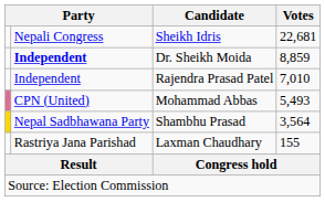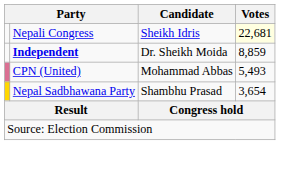 <table class="wikitable">
 <tr>
 <th colspan="2">Party</th>
 <th>Candidate</th>
 <th>Votes</th>
 </tr>
 <tr>
 <td style="background-color:"></td>
 <td><a href='#'>Nepali Congress</a></td>
 <td><a href='#'>Sheikh Idris</a></td>
-<td>22,681</td>
+<td style="background: lightyellow;">22,681</td>
 </tr>
 <tr>
 <td style="background-color:"></td>
 <td><strong><a href='#'>Independent</a></strong></td>
 <td>Dr. Sheikh Moida</td>
 <td>8,859</td>
-</tr>
-<tr>
-<td style="background-color:"></td>
-<td><a href='#'>Independent</a></td>
-<td>Rajendra Prasad Patel</td>
-<td>7,010</td>
 </tr>
 <tr>
 <td style="background-color:palevioletred"></td>
 <td><a href='#'>CPN (United)</a></td>
 <td>Mohammad Abbas</td>
 <td>5,493</td>
 </tr>
 <tr>
 <td style="background-color:gold"></td>
 <td><a href='#'>Nepal Sadbhawana Party</a></td>
 <td>Shambhu Prasad</td>
-<td>3,564</td>
-</tr>
-<tr>
-<td></td>
-<td>Rastriya Jana Parishad</td>
-<td>Laxman Chaudhary</td>
-<td>155</td>
+<td>3,654</td>
 </tr>
 <tr>
 <th colspan="2">Result</th>
 <th colspan="2">Congress hold</th>
 </tr>
 <tr>
 <td colspan="4">Source: Election Commission</td>
 </tr>
 </table>
